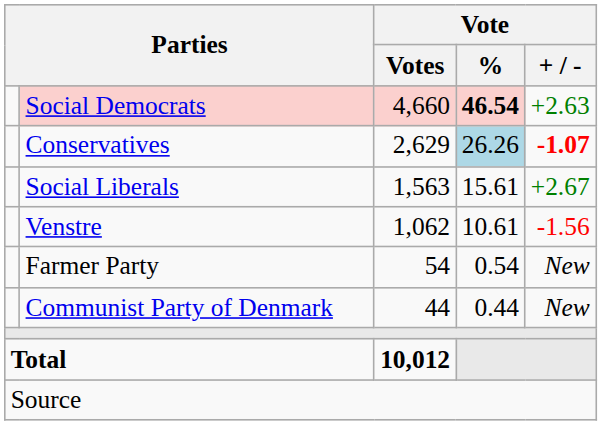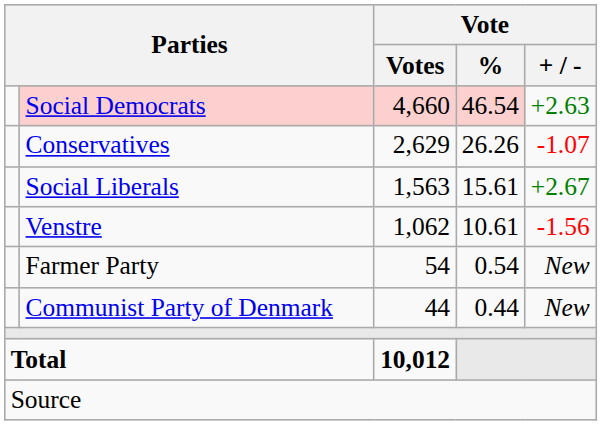 <table class="wikitable" style="text-align:right;">
 <tr>
 <th style="text-align:centre;" rowspan="2" colspan="2" width="225">Parties</th>
 <th colspan="3">Vote</th>
 </tr>
 <tr>
 <th width="15">Votes</th>
 <th width="15">%</th>
 <th width="15">+ / -</th>
 </tr>
 <tr>
 <td width="2" style="color:inherit;background:"></td>
 <td bgcolor=#fbd0ce  align="left"><a href='#'>Social Democrats</a></td>
 <td bgcolor=#fbd0ce>4,660</td>
-<td bgcolor=#fbd0ce><strong>46.54</strong></td>
+<td bgcolor=#fbd0ce>46.54</td>
 <td style=color:green;>+2.63</td>
 </tr>
 <tr>
 <td width="2" style="color:inherit;background:"></td>
 <td align="left"><a href='#'>Conservatives</a></td>
 <td>2,629</td>
-<td style="background: lightblue;">26.26</td>
-<td style=color:red;><strong>-1.07</strong></td>
+<td>26.26</td>
+<td style=color:red;>-1.07</td>
 </tr>
 <tr>
 <td width="2" style="color:inherit;background:"></td>
 <td align="left"><a href='#'>Social Liberals</a></td>
 <td>1,563</td>
 <td>15.61</td>
 <td style=color:green;>+2.67</td>
 </tr>
 <tr>
 <td width="2" style="color:inherit;background:"></td>
 <td align="left"><a href='#'>Venstre</a></td>
 <td>1,062</td>
 <td>10.61</td>
 <td style=color:red;>-1.56</td>
 </tr>
 <tr>
 <td width="2" style="color:inherit;background:"></td>
 <td align="left">Farmer Party</td>
 <td>54</td>
 <td>0.54</td>
 <td><em>New</em></td>
 </tr>
 <tr>
 <td width="2" style="color:inherit;background:"></td>
 <td align="left"><a href='#'>Communist Party of Denmark</a></td>
 <td>44</td>
 <td>0.44</td>
 <td><em>New</em></td>
 </tr>
 <tr>
 <td colspan="7" bgcolor="#E9E9E9"></td>
 </tr>
 <tr>
 <td align="left" colspan="2"><strong>Total</strong></td>
 <td><strong>10,012</strong></td>
 <td bgcolor="#E9E9E9" colspan="2"></td>
 </tr>
 <tr>
 <td align="left" colspan="6">Source</td>
 </tr>
 </table>
